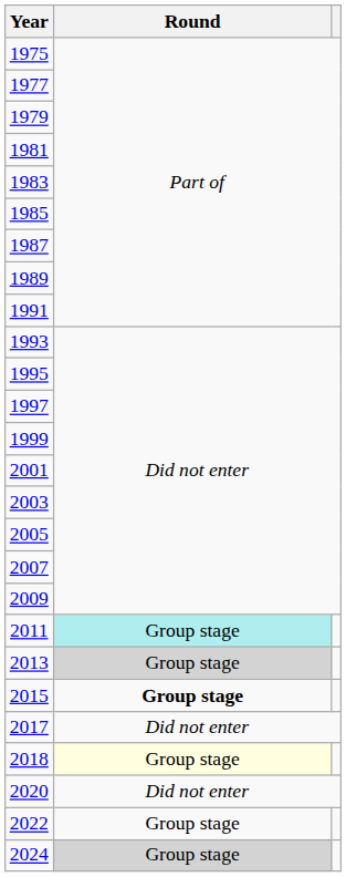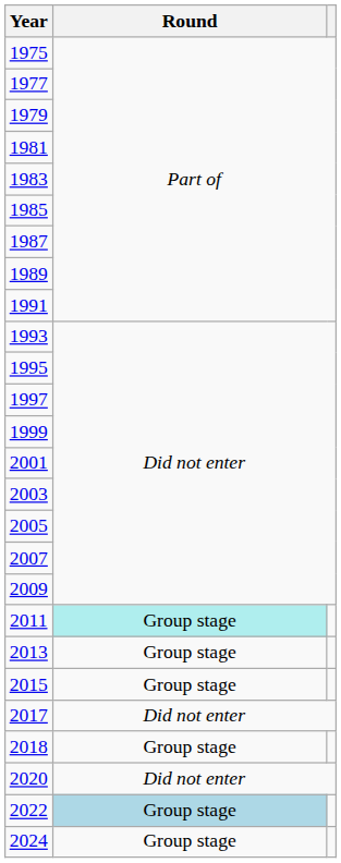 <table class="wikitable" style="text-align: center; font-size:90%">
 <tr>
 <th>Year</th>
 <th style="width:200px">Round</th>
 <th></th>
 </tr>
 <tr>
 <td><a href='#'>1975</a></td>
 <td colspan="2" rowspan="9"><em>Part of </em></td>
 </tr>
 <tr>
 <td><a href='#'>1977</a></td>
 </tr>
 <tr>
 <td><a href='#'>1979</a></td>
 </tr>
 <tr>
 <td><a href='#'>1981</a></td>
 </tr>
 <tr>
 <td><a href='#'>1983</a></td>
 </tr>
 <tr>
 <td><a href='#'>1985</a></td>
 </tr>
 <tr>
 <td><a href='#'>1987</a></td>
 </tr>
 <tr>
 <td><a href='#'>1989</a></td>
 </tr>
 <tr>
 <td><a href='#'>1991</a></td>
 </tr>
 <tr>
 <td><a href='#'>1993</a></td>
 <td colspan="2" rowspan="9"><em>Did not enter</em></td>
 </tr>
 <tr>
 <td><a href='#'>1995</a></td>
 </tr>
 <tr>
 <td><a href='#'>1997</a></td>
 </tr>
 <tr>
 <td><a href='#'>1999</a></td>
 </tr>
 <tr>
 <td><a href='#'>2001</a></td>
 </tr>
 <tr>
 <td><a href='#'>2003</a></td>
 </tr>
 <tr>
 <td><a href='#'>2005</a></td>
 </tr>
 <tr>
 <td><a href='#'>2007</a></td>
 </tr>
 <tr>
 <td><a href='#'>2009</a></td>
 </tr>
 <tr>
 <td><a href='#'>2011</a></td>
 <td style="background: paleturquoise;">Group stage</td>
 <td></td>
 </tr>
 <tr>
 <td><a href='#'>2013</a></td>
-<td style="background: lightgrey;">Group stage</td>
+<td>Group stage</td>
 <td></td>
 </tr>
 <tr>
 <td><a href='#'>2015</a></td>
-<td><strong>Group stage</strong></td>
+<td>Group stage</td>
 <td></td>
 </tr>
 <tr>
 <td><a href='#'>2017</a></td>
 <td colspan="2"><em>Did not enter</em></td>
 </tr>
 <tr>
 <td><a href='#'>2018</a></td>
-<td style="background: lightyellow;">Group stage</td>
+<td>Group stage</td>
 <td></td>
 </tr>
 <tr>
 <td><a href='#'>2020</a></td>
 <td colspan="2"><em>Did not enter</em></td>
 </tr>
 <tr>
 <td><a href='#'>2022</a></td>
-<td>Group stage</td>
+<td style="background: lightblue;">Group stage</td>
 <td></td>
 </tr>
 <tr>
 <td><a href='#'>2024</a></td>
-<td style="background: lightgrey;">Group stage</td>
+<td>Group stage</td>
 <td></td>
 </tr>
 </table>
